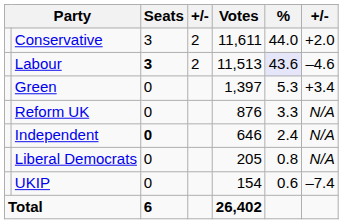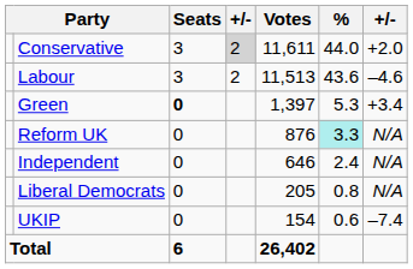 <table class="wikitable sortable">
 <tr>
 <th colspan="2">Party</th>
 <th>Seats</th>
 <th>+/-</th>
 <th>Votes</th>
 <th>%</th>
 <th>+/-</th>
 </tr>
 <tr>
 <td style="background-color: "></td>
 <td><a href='#'>Conservative</a></td>
 <td>3</td>
-<td> 2</td>
+<td style="background: lightgrey;"> 2</td>
 <td style="text-align:right;">11,611</td>
 <td style="text-align:right;">44.0</td>
 <td style="text-align:right;">+2.0</td>
 </tr>
 <tr>
 <td style="background-color: "></td>
 <td><a href='#'>Labour</a></td>
-<td><strong>3</strong></td>
+<td>3</td>
 <td> 2</td>
 <td style="text-align:right;">11,513</td>
-<td style="background: lavender; text-align:right;">43.6</td>
+<td style="text-align:right;">43.6</td>
 <td style="text-align:right;">–4.6</td>
 </tr>
 <tr>
 <td style="background-color: "></td>
 <td><a href='#'>Green</a></td>
-<td>0</td>
+<td><strong>0</strong></td>
 <td></td>
 <td style="text-align:right;">1,397</td>
 <td style="text-align:right;">5.3</td>
 <td style="text-align:right;">+3.4</td>
 </tr>
 <tr>
 <td style="background-color: "></td>
 <td><a href='#'>Reform UK</a></td>
 <td>0</td>
 <td></td>
 <td style="text-align:right;">876</td>
-<td style="text-align:right;">3.3</td>
+<td style="background: paleturquoise; text-align:right;">3.3</td>
 <td style="text-align:right;"><em>N/A</em></td>
 </tr>
 <tr>
 <td style="background-color: "></td>
 <td><a href='#'>Independent</a></td>
-<td><strong>0</strong></td>
+<td>0</td>
 <td></td>
 <td style="text-align:right;">646</td>
 <td style="text-align:right;">2.4</td>
 <td style="text-align:right;"><em>N/A</em></td>
 </tr>
 <tr>
 <td style="background-color: "></td>
 <td><a href='#'>Liberal Democrats</a></td>
 <td>0</td>
 <td></td>
 <td style="text-align:right;">205</td>
 <td style="text-align:right;">0.8</td>
 <td style="text-align:right;"><em>N/A</em></td>
 </tr>
 <tr>
 <td style="background-color: "></td>
 <td><a href='#'>UKIP</a></td>
 <td>0</td>
 <td></td>
 <td style="text-align:right;">154</td>
 <td style="text-align:right;">0.6</td>
 <td style="text-align:right;">–7.4</td>
 </tr>
 <tr>
 <td colspan="2"><strong>Total</strong></td>
 <td><strong>6</strong></td>
 <td></td>
 <td style="text-align:right;"><strong>26,402</strong></td>
 <td style="text-align:right;"></td>
 <td style="text-align:right;"></td>
 </tr>
 </table>
